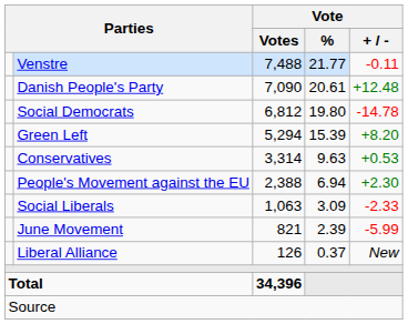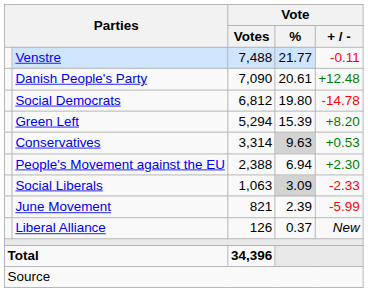 <table class="wikitable" style="text-align:right;">
 <tr>
 <th style="text-align:centre;" rowspan="2" colspan="2" width="225">Parties</th>
 <th colspan="3">Vote</th>
 </tr>
 <tr>
 <th width="15">Votes</th>
 <th width="15">%</th>
 <th width="15">+ / -</th>
 </tr>
 <tr>
 <td width="2" style="color:inherit;background:"></td>
 <td bgcolor=#cfe5fe   align="left"><a href='#'>Venstre</a></td>
 <td bgcolor=#cfe5fe>7,488</td>
 <td bgcolor=#cfe5fe>21.77</td>
 <td style=color:red;>-0.11</td>
 </tr>
 <tr>
 <td width="2" style="color:inherit;background:"></td>
 <td align="left"><a href='#'>Danish People's Party</a></td>
 <td>7,090</td>
 <td>20.61</td>
 <td style=color:green;>+12.48</td>
 </tr>
 <tr>
 <td width="2" style="color:inherit;background:"></td>
 <td align="left"><a href='#'>Social Democrats</a></td>
 <td>6,812</td>
 <td>19.80</td>
 <td style=color:red;>-14.78</td>
 </tr>
 <tr>
 <td width="2" style="color:inherit;background:"></td>
 <td align="left"><a href='#'>Green Left</a></td>
 <td>5,294</td>
 <td>15.39</td>
 <td style=color:green;>+8.20</td>
 </tr>
 <tr>
 <td width="2" style="color:inherit;background:"></td>
 <td align="left"><a href='#'>Conservatives</a></td>
 <td>3,314</td>
-<td>9.63</td>
+<td style="background: lightgrey;">9.63</td>
 <td style=color:green;>+0.53</td>
 </tr>
 <tr>
 <td width="2" style="color:inherit;background:"></td>
 <td align="left"><a href='#'>People's Movement against the EU</a></td>
 <td>2,388</td>
 <td>6.94</td>
 <td style=color:green;>+2.30</td>
 </tr>
 <tr>
 <td width="2" style="color:inherit;background:"></td>
 <td align="left"><a href='#'>Social Liberals</a></td>
 <td>1,063</td>
-<td>3.09</td>
+<td style="background: lightgrey;">3.09</td>
 <td style=color:red;>-2.33</td>
 </tr>
 <tr>
 <td width="2" style="color:inherit;background:"></td>
 <td align="left"><a href='#'>June Movement</a></td>
 <td>821</td>
 <td>2.39</td>
 <td style=color:red;>-5.99</td>
 </tr>
 <tr>
 <td width="2" style="color:inherit;background:"></td>
 <td align="left"><a href='#'>Liberal Alliance</a></td>
 <td>126</td>
 <td>0.37</td>
 <td><em>New</em></td>
 </tr>
 <tr>
 <td colspan="7" bgcolor="#E9E9E9"></td>
 </tr>
 <tr>
 <td align="left" colspan="2"><strong>Total</strong></td>
 <td><strong>34,396</strong></td>
 <td bgcolor="#E9E9E9" colspan="2"></td>
 </tr>
 <tr>
 <td align="left" colspan="6">Source</td>
 </tr>
 </table>
